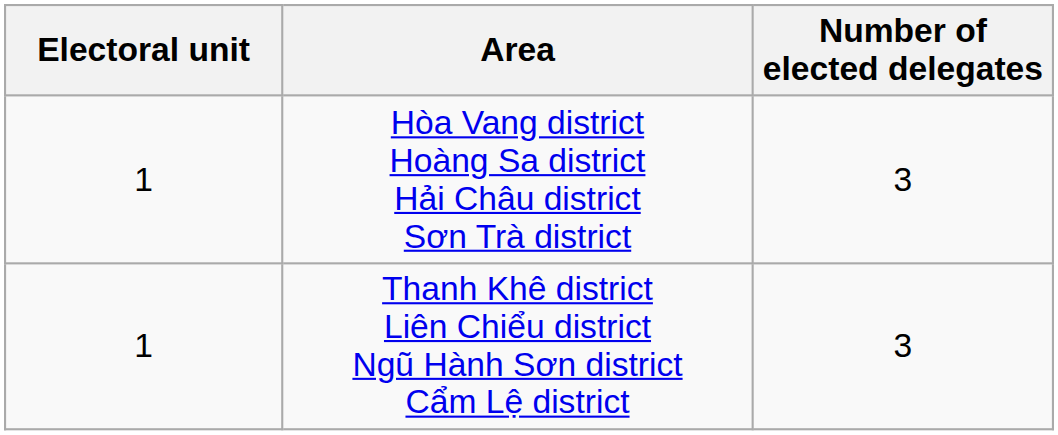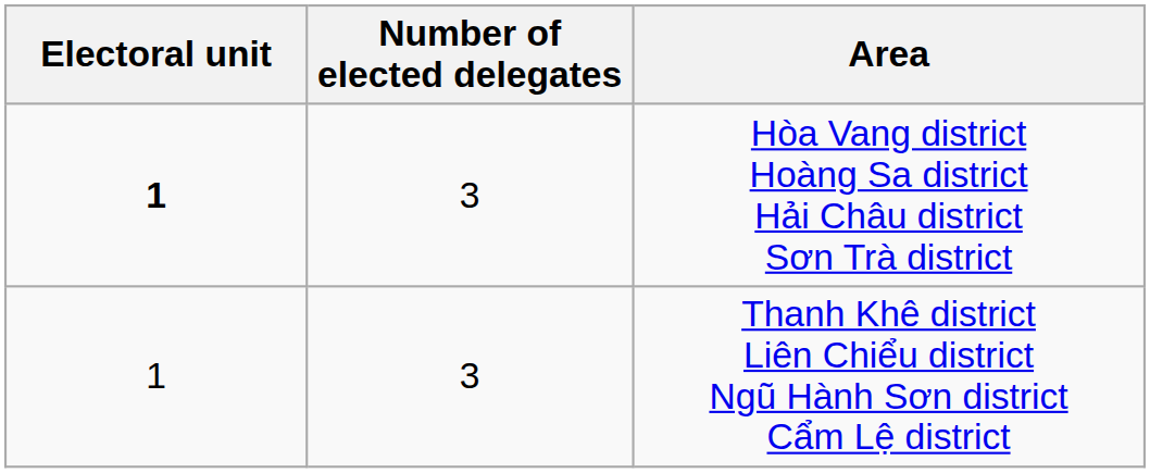 <table class="wikitable" style="text-align:center; width:500px;">
 <tr>
 <th width=60>Electoral unit</th>
+<th width=60>Number of elected delegates</th>
 <th width=120>Area</th>
-<th width=60>Number of elected delegates</th>
+</tr>
+<tr>
+<td><strong>1</strong></td>
+<td>3</td>
+<td><a href='#'>Hòa Vang district</a><br><a href='#'>Hoàng Sa district</a><br><a href='#'>Hải Châu district</a><br><a href='#'>Sơn Trà district</a></td>
 </tr>
 <tr>
 <td>1</td>
-<td><a href='#'>Hòa Vang district</a><br><a href='#'>Hoàng Sa district</a><br><a href='#'>Hải Châu district</a><br><a href='#'>Sơn Trà district</a></td>
 <td>3</td>
-</tr>
-<tr>
-<td>1</td>
 <td><a href='#'>Thanh Khê district</a><br><a href='#'>Liên Chiểu district</a><br><a href='#'>Ngũ Hành Sơn district</a><br><a href='#'>Cẩm Lệ district</a></td>
-<td>3</td>
 </tr>
 </table>
